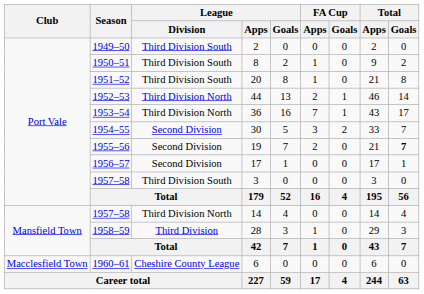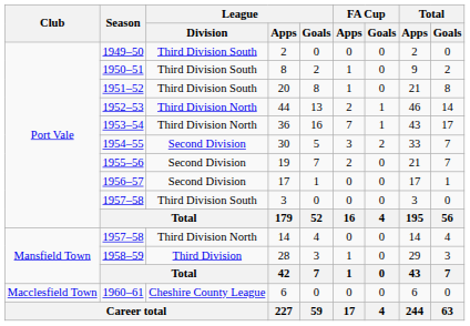 <table class="wikitable" style="text-align: center;">
 <tr>
 <th rowspan="2">Club</th>
 <th rowspan="2">Season</th>
 <th colspan="3">League</th>
 <th colspan="2">FA Cup</th>
 <th colspan="2">Total</th>
 </tr>
 <tr>
 <th>Division</th>
 <th>Apps</th>
 <th>Goals</th>
 <th>Apps</th>
 <th>Goals</th>
 <th>Apps</th>
 <th>Goals</th>
 </tr>
 <tr>
 <td rowspan="10"><a href='#'>Port Vale</a></td>
 <td><a href='#'>1949–50</a></td>
 <td><a href='#'>Third Division South</a></td>
 <td>2</td>
 <td>0</td>
 <td>0</td>
 <td>0</td>
 <td>2</td>
 <td>0</td>
 </tr>
 <tr>
 <td><a href='#'>1950–51</a></td>
 <td>Third Division South</td>
 <td>8</td>
 <td>2</td>
 <td>1</td>
 <td>0</td>
 <td>9</td>
 <td>2</td>
 </tr>
 <tr>
 <td><a href='#'>1951–52</a></td>
 <td>Third Division South</td>
 <td>20</td>
 <td>8</td>
 <td>1</td>
 <td>0</td>
 <td>21</td>
 <td>8</td>
 </tr>
 <tr>
 <td><a href='#'>1952–53</a></td>
 <td><a href='#'>Third Division North</a></td>
 <td>44</td>
 <td>13</td>
 <td>2</td>
 <td>1</td>
 <td>46</td>
 <td>14</td>
 </tr>
 <tr>
 <td><a href='#'>1953–54</a></td>
 <td>Third Division North</td>
 <td>36</td>
 <td>16</td>
 <td>7</td>
 <td>1</td>
 <td>43</td>
 <td>17</td>
 </tr>
 <tr>
 <td><a href='#'>1954–55</a></td>
 <td><a href='#'>Second Division</a></td>
 <td>30</td>
 <td>5</td>
 <td>3</td>
 <td>2</td>
 <td>33</td>
 <td>7</td>
 </tr>
 <tr>
 <td><a href='#'>1955–56</a></td>
 <td>Second Division</td>
 <td>19</td>
 <td>7</td>
 <td>2</td>
 <td>0</td>
 <td>21</td>
-<td><strong>7</strong></td>
+<td>7</td>
 </tr>
 <tr>
 <td><a href='#'>1956–57</a></td>
 <td>Second Division</td>
 <td>17</td>
 <td>1</td>
 <td>0</td>
 <td>0</td>
 <td>17</td>
 <td>1</td>
 </tr>
 <tr>
 <td><a href='#'>1957–58</a></td>
 <td>Third Division South</td>
 <td>3</td>
 <td>0</td>
 <td>0</td>
 <td>0</td>
 <td>3</td>
 <td>0</td>
 </tr>
 <tr>
 <th colspan="2">Total</th>
 <th>179</th>
 <th>52</th>
 <th>16</th>
 <th>4</th>
 <th>195</th>
 <th>56</th>
 </tr>
 <tr>
 <td rowspan="3"><a href='#'>Mansfield Town</a></td>
 <td><a href='#'>1957–58</a></td>
 <td>Third Division North</td>
 <td>14</td>
 <td>4</td>
 <td>0</td>
 <td>0</td>
 <td>14</td>
 <td>4</td>
 </tr>
 <tr>
 <td><a href='#'>1958–59</a></td>
 <td><a href='#'>Third Division</a></td>
 <td>28</td>
 <td>3</td>
 <td>1</td>
 <td>0</td>
 <td>29</td>
 <td>3</td>
 </tr>
 <tr>
 <th colspan="2">Total</th>
 <th>42</th>
 <th>7</th>
 <th>1</th>
 <th>0</th>
 <th>43</th>
 <th>7</th>
 </tr>
 <tr>
 <td><a href='#'>Macclesfield Town</a></td>
 <td><a href='#'>1960–61</a></td>
 <td><a href='#'>Cheshire County League</a></td>
 <td>6</td>
 <td>0</td>
 <td>0</td>
 <td>0</td>
 <td>6</td>
 <td>0</td>
 </tr>
 <tr>
 <th colspan="3">Career total</th>
 <th>227</th>
 <th>59</th>
 <th>17</th>
 <th>4</th>
 <th>244</th>
 <th>63</th>
 </tr>
 </table>
